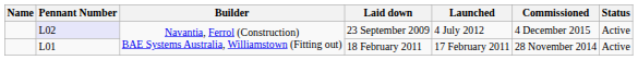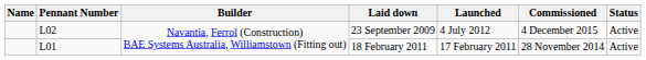 <table class="wikitable">
 <tr style="background:#efefef;">
 <th>Name</th>
 <th>Pennant Number</th>
 <th>Builder</th>
 <th>Laid down</th>
 <th>Launched</th>
 <th>Commissioned</th>
 <th>Status</th>
 </tr>
 <tr>
 <td></td>
-<td style="background: lavender;">L02</td>
+<td>L02</td>
 <td rowspan=2 align=center><a href='#'>Navantia</a>, <a href='#'>Ferrol</a> (Construction)<br><a href='#'>BAE Systems Australia</a>, <a href='#'>Williamstown</a> (Fitting out)</td>
 <td>23 September 2009</td>
 <td>4 July 2012</td>
 <td>4 December 2015</td>
 <td>Active</td>
 </tr>
 <tr>
 <td></td>
 <td>L01</td>
 <td>18 February 2011</td>
 <td>17 February 2011</td>
 <td>28 November 2014</td>
 <td>Active</td>
 </tr>
 </table>
